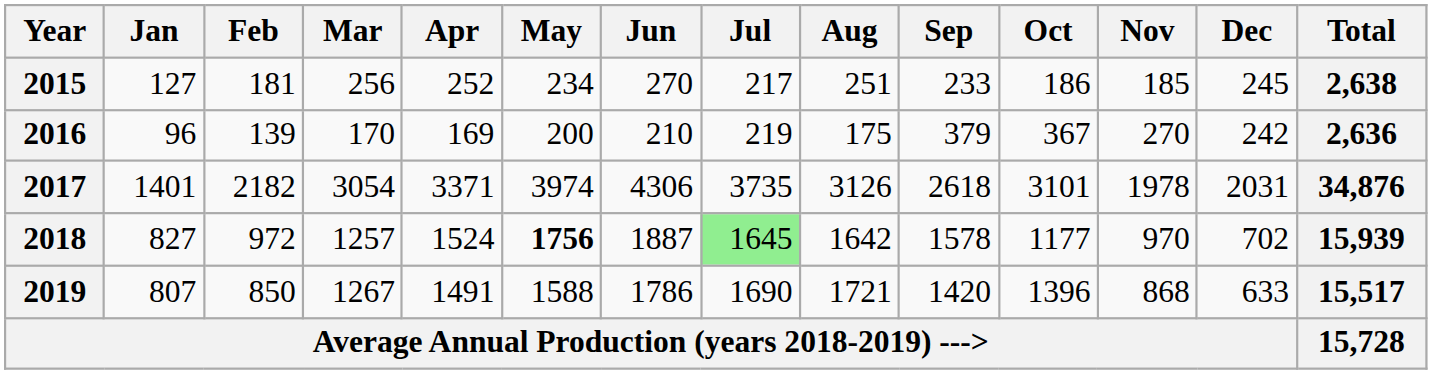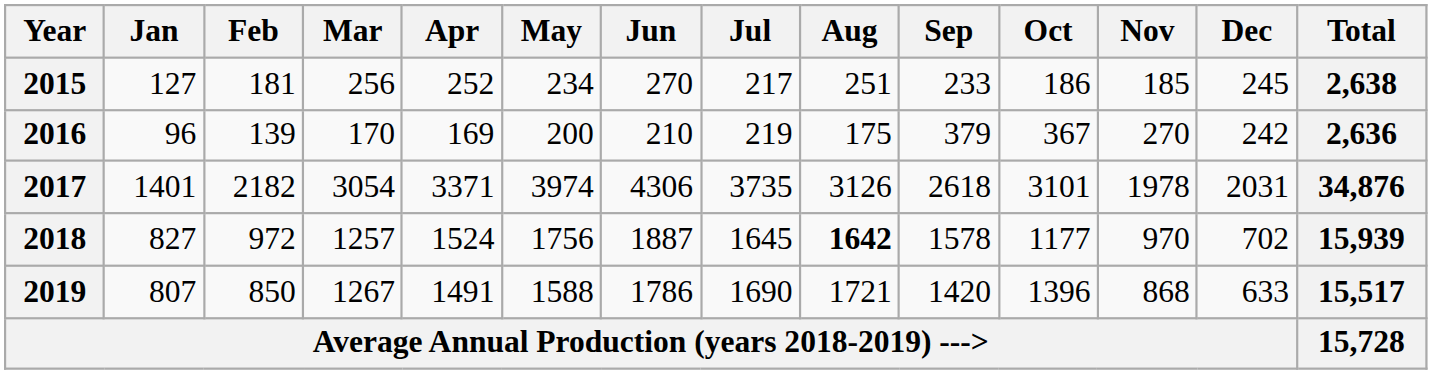 <table class=wikitable style="text-align:right; font-size:0.9em; width:650px;">
 <tr>
 <th>Year</th>
 <th>Jan</th>
 <th>Feb</th>
 <th>Mar</th>
 <th>Apr</th>
 <th>May</th>
 <th>Jun</th>
 <th>Jul</th>
 <th>Aug</th>
 <th>Sep</th>
 <th>Oct</th>
 <th>Nov</th>
 <th>Dec</th>
 <th>Total</th>
 </tr>
 <tr>
 <th>2015</th>
 <td>127</td>
 <td>181</td>
 <td>256</td>
 <td>252</td>
 <td>234</td>
 <td>270</td>
 <td>217</td>
 <td>251</td>
 <td>233</td>
 <td>186</td>
 <td>185</td>
 <td>245</td>
 <th>2,638</th>
 </tr>
 <tr>
 <th>2016</th>
 <td>96</td>
 <td>139</td>
 <td>170</td>
 <td>169</td>
 <td>200</td>
 <td>210</td>
 <td>219</td>
 <td>175</td>
 <td>379</td>
 <td>367</td>
 <td>270</td>
 <td>242</td>
 <th>2,636</th>
 </tr>
 <tr>
 <th>2017</th>
 <td>1401</td>
 <td>2182</td>
 <td>3054</td>
 <td>3371</td>
 <td>3974</td>
 <td>4306</td>
 <td>3735</td>
 <td>3126</td>
 <td>2618</td>
 <td>3101</td>
 <td>1978</td>
 <td>2031</td>
 <th>34,876</th>
 </tr>
 <tr>
 <th>2018</th>
 <td>827</td>
 <td>972</td>
 <td>1257</td>
 <td>1524</td>
-<td><strong>1756</strong></td>
+<td>1756</td>
 <td>1887</td>
-<td style="background: lightgreen;">1645</td>
-<td>1642</td>
+<td>1645</td>
+<td><strong>1642</strong></td>
 <td>1578</td>
 <td>1177</td>
 <td>970</td>
 <td>702</td>
 <th>15,939</th>
 </tr>
 <tr>
 <th>2019</th>
 <td>807</td>
 <td>850</td>
 <td>1267</td>
 <td>1491</td>
 <td>1588</td>
 <td>1786</td>
 <td>1690</td>
 <td>1721</td>
 <td>1420</td>
 <td>1396</td>
 <td>868</td>
 <td>633</td>
 <th>15,517</th>
 </tr>
 <tr>
 <th colspan=13>Average Annual Production (years 2018-2019) ---></th>
 <th>15,728</th>
 </tr>
 </table>
